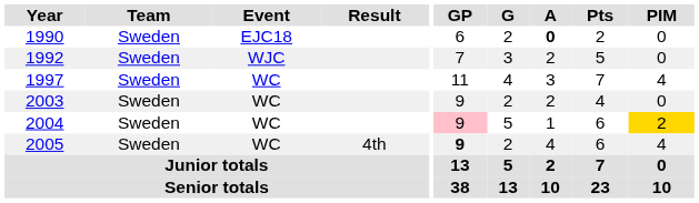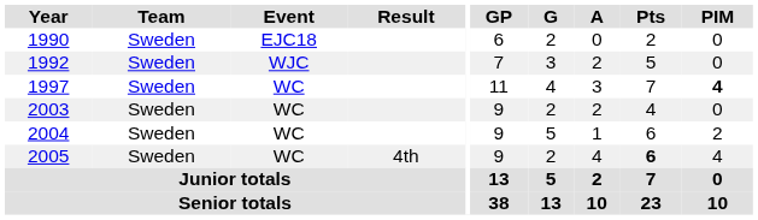 <table border="0" cellpadding="1" cellspacing="0" ID="Table3" style="text-align:center; width:40em">
 <tr ALIGN="center" bgcolor="#e0e0e0">
 <th>Year</th>
 <th>Team</th>
 <th>Event</th>
 <th>Result</th>
 <th rowspan="99" bgcolor="#ffffff"></th>
 <th>GP</th>
 <th>G</th>
 <th>A</th>
 <th>Pts</th>
 <th>PIM</th>
 </tr>
 <tr>
 <td><a href='#'>1990</a></td>
 <td><a href='#'>Sweden</a></td>
 <td><a href='#'>EJC18</a></td>
 <td></td>
 <td>6</td>
 <td>2</td>
-<td><strong>0</strong></td>
+<td>0</td>
 <td>2</td>
 <td>0</td>
 </tr>
 <tr bgcolor="#f0f0f0">
 <td><a href='#'>1992</a></td>
 <td><a href='#'>Sweden</a></td>
 <td><a href='#'>WJC</a></td>
 <td></td>
 <td>7</td>
 <td>3</td>
 <td>2</td>
 <td>5</td>
 <td>0</td>
 </tr>
 <tr>
 <td><a href='#'>1997</a></td>
 <td><a href='#'>Sweden</a></td>
 <td><a href='#'>WC</a></td>
 <td></td>
 <td>11</td>
 <td>4</td>
 <td>3</td>
 <td>7</td>
-<td>4</td>
+<td><strong>4</strong></td>
 </tr>
 <tr bgcolor="#f0f0f0">
 <td><a href='#'>2003</a></td>
 <td>Sweden</td>
 <td>WC</td>
 <td></td>
 <td>9</td>
 <td>2</td>
 <td>2</td>
 <td>4</td>
 <td>0</td>
 </tr>
 <tr>
 <td><a href='#'>2004</a></td>
 <td>Sweden</td>
 <td>WC</td>
 <td></td>
-<td style="background: pink;">9</td>
+<td>9</td>
 <td>5</td>
 <td>1</td>
 <td>6</td>
-<td style="background: gold;">2</td>
+<td>2</td>
 </tr>
 <tr bgcolor="#f0f0f0">
 <td><a href='#'>2005</a></td>
 <td>Sweden</td>
 <td>WC</td>
 <td>4th</td>
-<td><strong>9</strong></td>
+<td>9</td>
 <td>2</td>
 <td>4</td>
-<td>6</td>
+<td><strong>6</strong></td>
 <td>4</td>
 </tr>
 <tr bgcolor="#e0e0e0">
 <th colspan=4>Junior totals</th>
 <th>13</th>
 <th>5</th>
 <th>2</th>
 <th>7</th>
 <th>0</th>
 </tr>
 <tr bgcolor="#e0e0e0">
 <th colspan=4>Senior totals</th>
 <th>38</th>
 <th>13</th>
 <th>10</th>
 <th>23</th>
 <th>10</th>
 </tr>
 </table>
